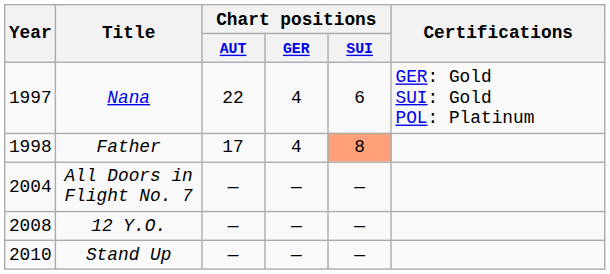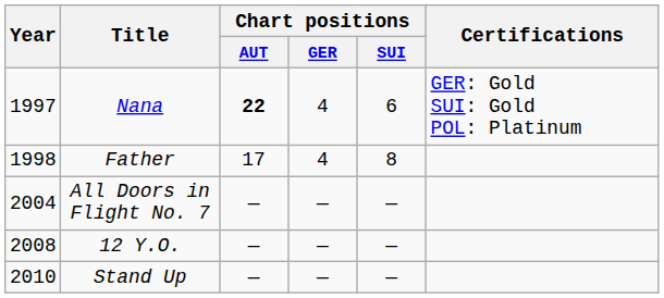 <table class="wikitable">
 <tr>
 <th style="width:28px;" rowspan="2">Year</th>
 <th style="width:100px;" rowspan="2">Title</th>
 <th colspan="3">Chart positions</th>
 <th style="width:150px;" rowspan="2">Certifications</th>
 </tr>
 <tr>
 <th style="width:40px;"><small><a href='#'>AUT</a><br></small></th>
 <th style="width:40px;"><small><a href='#'>GER</a><br></small></th>
 <th style="width:40px;"><small><a href='#'>SUI</a><br></small></th>
 </tr>
 <tr>
 <td>1997</td>
 <td style="text-align:center;"><em><a href='#'>Nana</a></em></td>
-<td style="text-align:center;">22</td>
+<td style="text-align:center;"><strong>22</strong></td>
 <td style="text-align:center;">4</td>
 <td style="text-align:center;">6</td>
 <td><a href='#'>GER</a>: Gold<br><a href='#'>SUI</a>: Gold<br><a href='#'>POL</a>: Platinum</td>
 </tr>
 <tr>
 <td>1998</td>
 <td style="text-align:center;"><em>Father</em></td>
 <td style="text-align:center;">17</td>
 <td style="text-align:center;">4</td>
-<td style="background: lightsalmon; text-align:center;">8</td>
+<td style="text-align:center;">8</td>
 <td></td>
 </tr>
 <tr>
 <td>2004</td>
 <td style="text-align:center;"><em>All Doors in Flight No. 7</em></td>
 <td style="text-align:center;">—</td>
 <td style="text-align:center;">—</td>
 <td style="text-align:center;">—</td>
 <td></td>
 </tr>
 <tr>
 <td>2008</td>
 <td style="text-align:center;"><em>12 Y.O.</em></td>
 <td style="text-align:center;">—</td>
 <td style="text-align:center;">—</td>
 <td style="text-align:center;">—</td>
 <td></td>
 </tr>
 <tr>
 <td>2010</td>
 <td style="text-align:center;"><em>Stand Up</em></td>
 <td style="text-align:center;">—</td>
 <td style="text-align:center;">—</td>
 <td style="text-align:center;">—</td>
 <td></td>
 </tr>
 </table>
